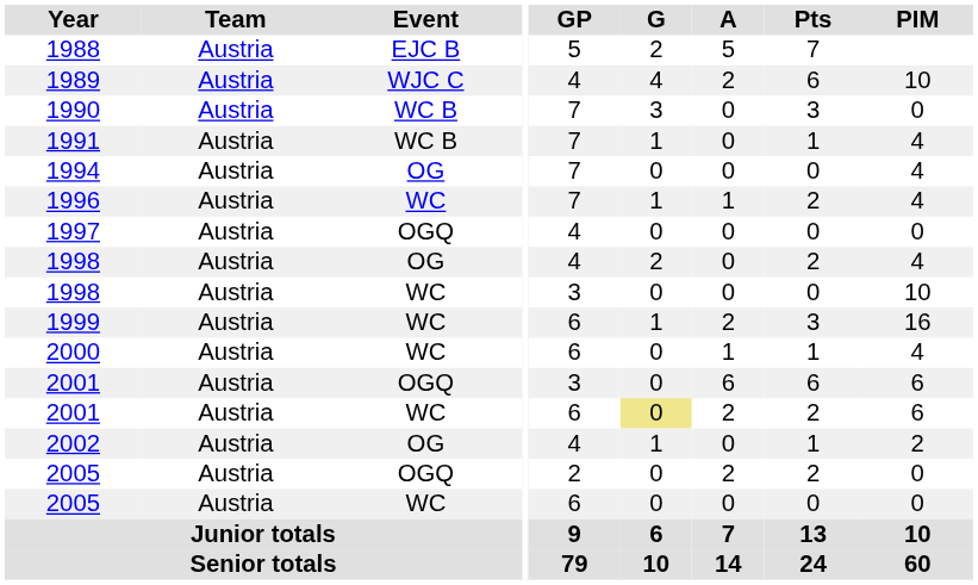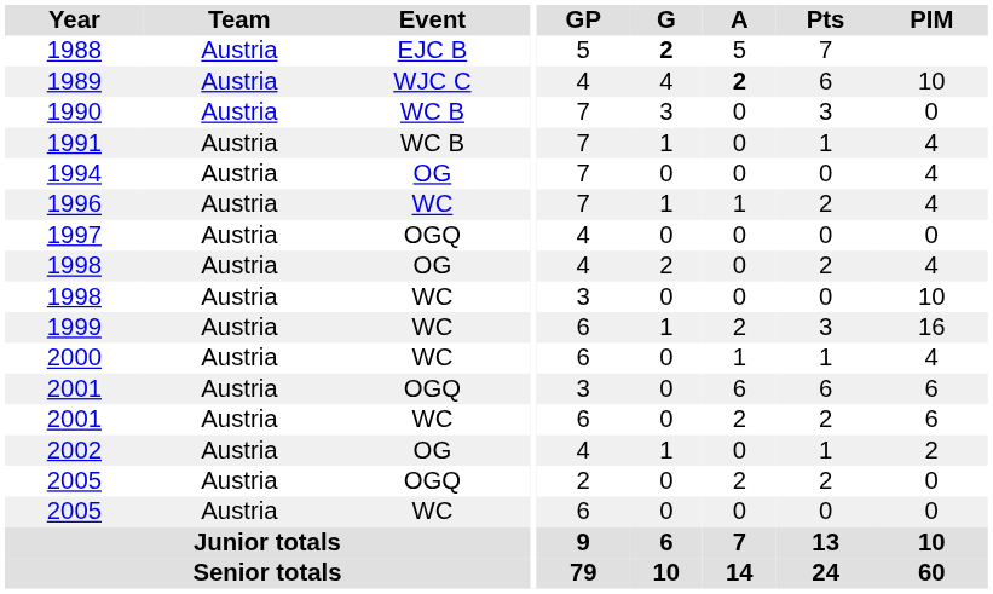 <table border="0" cellpadding="1" cellspacing="0" style="text-align:center; width:40em">
 <tr bgcolor="#e0e0e0">
 <th>Year</th>
 <th>Team</th>
 <th>Event</th>
 <th rowspan="99" bgcolor="#ffffff"></th>
 <th>GP</th>
 <th>G</th>
 <th>A</th>
 <th>Pts</th>
 <th>PIM</th>
 </tr>
 <tr>
 <td><a href='#'>1988</a></td>
 <td><a href='#'>Austria</a></td>
 <td><a href='#'>EJC B</a></td>
 <td>5</td>
-<td>2</td>
+<td><strong>2</strong></td>
 <td>5</td>
 <td>7</td>
 <td></td>
 </tr>
 <tr bgcolor="#f0f0f0">
 <td><a href='#'>1989</a></td>
 <td><a href='#'>Austria</a></td>
 <td><a href='#'>WJC C</a></td>
 <td>4</td>
 <td>4</td>
-<td>2</td>
+<td><strong>2</strong></td>
 <td>6</td>
 <td>10</td>
 </tr>
 <tr>
 <td><a href='#'>1990</a></td>
 <td><a href='#'>Austria</a></td>
 <td><a href='#'>WC B</a></td>
 <td>7</td>
 <td>3</td>
 <td>0</td>
 <td>3</td>
 <td>0</td>
 </tr>
 <tr bgcolor="#f0f0f0">
 <td><a href='#'>1991</a></td>
 <td>Austria</td>
 <td>WC B</td>
 <td>7</td>
 <td>1</td>
 <td>0</td>
 <td>1</td>
 <td>4</td>
 </tr>
 <tr>
 <td><a href='#'>1994</a></td>
 <td>Austria</td>
 <td><a href='#'>OG</a></td>
 <td>7</td>
 <td>0</td>
 <td>0</td>
 <td>0</td>
 <td>4</td>
 </tr>
 <tr bgcolor="#f0f0f0">
 <td><a href='#'>1996</a></td>
 <td>Austria</td>
 <td><a href='#'>WC</a></td>
 <td>7</td>
 <td>1</td>
 <td>1</td>
 <td>2</td>
 <td>4</td>
 </tr>
 <tr>
 <td><a href='#'>1997</a></td>
 <td>Austria</td>
 <td>OGQ</td>
 <td>4</td>
 <td>0</td>
 <td>0</td>
 <td>0</td>
 <td>0</td>
 </tr>
 <tr bgcolor="#f0f0f0">
 <td><a href='#'>1998</a></td>
 <td>Austria</td>
 <td>OG</td>
 <td>4</td>
 <td>2</td>
 <td>0</td>
 <td>2</td>
 <td>4</td>
 </tr>
 <tr>
 <td><a href='#'>1998</a></td>
 <td>Austria</td>
 <td>WC</td>
 <td>3</td>
 <td>0</td>
 <td>0</td>
 <td>0</td>
 <td>10</td>
 </tr>
 <tr bgcolor="#f0f0f0">
 <td><a href='#'>1999</a></td>
 <td>Austria</td>
 <td>WC</td>
 <td>6</td>
 <td>1</td>
 <td>2</td>
 <td>3</td>
 <td>16</td>
 </tr>
 <tr>
 <td><a href='#'>2000</a></td>
 <td>Austria</td>
 <td>WC</td>
 <td>6</td>
 <td>0</td>
 <td>1</td>
 <td>1</td>
 <td>4</td>
 </tr>
 <tr bgcolor="#f0f0f0">
 <td><a href='#'>2001</a></td>
 <td>Austria</td>
 <td>OGQ</td>
 <td>3</td>
 <td>0</td>
 <td>6</td>
 <td>6</td>
 <td>6</td>
 </tr>
 <tr>
 <td><a href='#'>2001</a></td>
 <td>Austria</td>
 <td>WC</td>
 <td>6</td>
-<td style="background: khaki;">0</td>
+<td>0</td>
 <td>2</td>
 <td>2</td>
 <td>6</td>
 </tr>
 <tr bgcolor="#f0f0f0">
 <td><a href='#'>2002</a></td>
 <td>Austria</td>
 <td>OG</td>
 <td>4</td>
 <td>1</td>
 <td>0</td>
 <td>1</td>
 <td>2</td>
 </tr>
 <tr>
 <td><a href='#'>2005</a></td>
 <td>Austria</td>
 <td>OGQ</td>
 <td>2</td>
 <td>0</td>
 <td>2</td>
 <td>2</td>
 <td>0</td>
 </tr>
 <tr bgcolor="#f0f0f0">
 <td><a href='#'>2005</a></td>
 <td>Austria</td>
 <td>WC</td>
 <td>6</td>
 <td>0</td>
 <td>0</td>
 <td>0</td>
 <td>0</td>
 </tr>
 <tr bgcolor="#e0e0e0">
 <th colspan="3">Junior totals</th>
 <th>9</th>
 <th>6</th>
 <th>7</th>
 <th>13</th>
 <th>10</th>
 </tr>
 <tr bgcolor="#e0e0e0">
 <th colspan="3">Senior totals</th>
 <th>79</th>
 <th>10</th>
 <th>14</th>
 <th>24</th>
 <th>60</th>
 </tr>
 </table>
